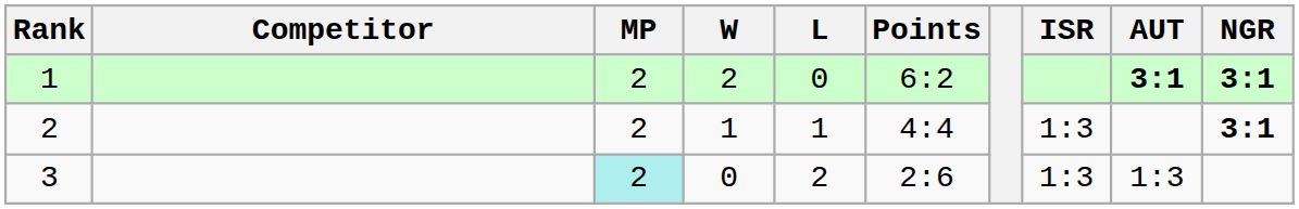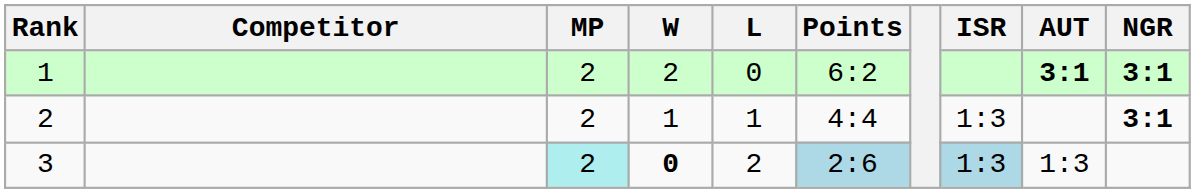 <table class="wikitable" style="text-align:center">
 <tr>
 <th>Rank</th>
 <th style="width:16em">Competitor</th>
 <th style="width:2.5em">MP</th>
 <th style="width:2.5em">W</th>
 <th style="width:2.5em">L</th>
 <th>Points</th>
 <th rowspan="4"> </th>
 <th style="width:2.5em">ISR</th>
 <th style="width:2.5em">AUT</th>
 <th style="width:2.5em">NGR</th>
 </tr>
 <tr style="background:#cfc;">
 <td>1</td>
 <td style="text-align:left"></td>
 <td>2</td>
 <td>2</td>
 <td>0</td>
 <td>6:2</td>
 <td></td>
 <td><strong>3:1</strong></td>
 <td><strong>3:1</strong></td>
 </tr>
 <tr>
 <td>2</td>
 <td style="text-align:left"></td>
 <td>2</td>
 <td>1</td>
 <td>1</td>
 <td>4:4</td>
 <td>1:3</td>
 <td></td>
 <td><strong>3:1</strong></td>
 </tr>
 <tr>
 <td>3</td>
 <td style="text-align:left"></td>
 <td style="background: paleturquoise;">2</td>
-<td>0</td>
+<td><strong>0</strong></td>
 <td>2</td>
-<td>2:6</td>
-<td>1:3</td>
+<td style="background: lightblue;">2:6</td>
+<td style="background: lightblue;">1:3</td>
 <td>1:3</td>
 <td></td>
 </tr>
 </table>
